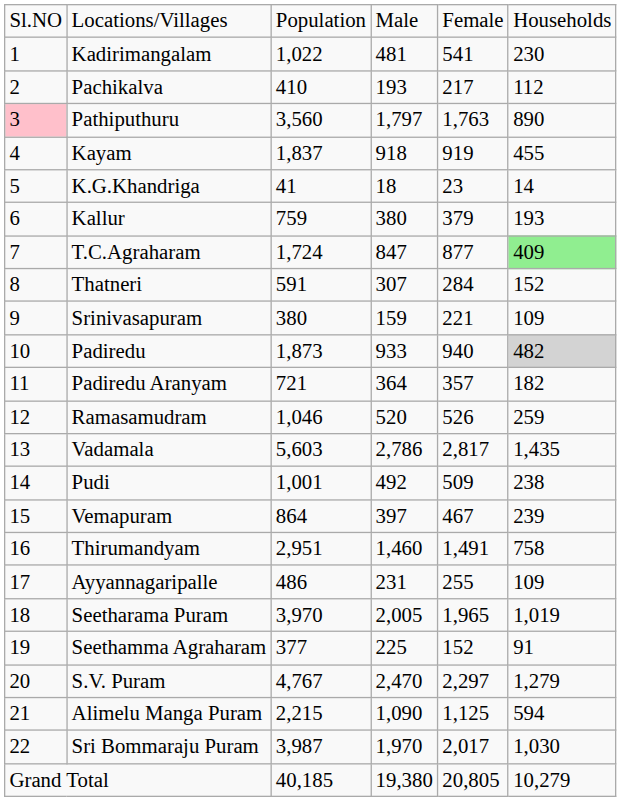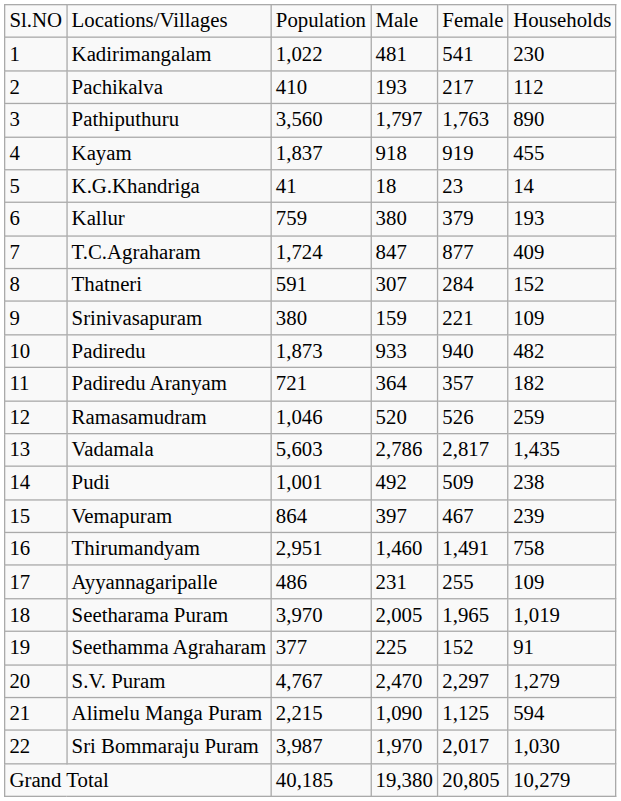 <table class="wikitable">
 <tr>
 <td>Sl.NO</td>
 <td>Locations/Villages</td>
 <td>Population</td>
 <td>Male</td>
 <td>Female</td>
 <td>Households</td>
 </tr>
 <tr>
 <td>1</td>
 <td>Kadirimangalam</td>
 <td>1,022</td>
 <td>481</td>
 <td>541</td>
 <td>230</td>
 </tr>
 <tr>
 <td>2</td>
 <td>Pachikalva</td>
 <td>410</td>
 <td>193</td>
 <td>217</td>
 <td>112</td>
 </tr>
 <tr>
-<td style="background: pink;">3</td>
+<td>3</td>
 <td>Pathiputhuru</td>
 <td>3,560</td>
 <td>1,797</td>
 <td>1,763</td>
 <td>890</td>
 </tr>
 <tr>
 <td>4</td>
 <td>Kayam</td>
 <td>1,837</td>
 <td>918</td>
 <td>919</td>
 <td>455</td>
 </tr>
 <tr>
 <td>5</td>
 <td>K.G.Khandriga</td>
 <td>41</td>
 <td>18</td>
 <td>23</td>
 <td>14</td>
 </tr>
 <tr>
 <td>6</td>
 <td>Kallur</td>
 <td>759</td>
 <td>380</td>
 <td>379</td>
 <td>193</td>
 </tr>
 <tr>
 <td>7</td>
 <td>T.C.Agraharam</td>
 <td>1,724</td>
 <td>847</td>
 <td>877</td>
-<td style="background: lightgreen;">409</td>
+<td>409</td>
 </tr>
 <tr>
 <td>8</td>
 <td>Thatneri</td>
 <td>591</td>
 <td>307</td>
 <td>284</td>
 <td>152</td>
 </tr>
 <tr>
 <td>9</td>
 <td>Srinivasapuram</td>
 <td>380</td>
 <td>159</td>
 <td>221</td>
 <td>109</td>
 </tr>
 <tr>
 <td>10</td>
 <td>Padiredu</td>
 <td>1,873</td>
 <td>933</td>
 <td>940</td>
-<td style="background: lightgrey;">482</td>
+<td>482</td>
 </tr>
 <tr>
 <td>11</td>
 <td>Padiredu Aranyam</td>
 <td>721</td>
 <td>364</td>
 <td>357</td>
 <td>182</td>
 </tr>
 <tr>
 <td>12</td>
 <td>Ramasamudram</td>
 <td>1,046</td>
 <td>520</td>
 <td>526</td>
 <td>259</td>
 </tr>
 <tr>
 <td>13</td>
 <td>Vadamala</td>
 <td>5,603</td>
 <td>2,786</td>
 <td>2,817</td>
 <td>1,435</td>
 </tr>
 <tr>
 <td>14</td>
 <td>Pudi</td>
 <td>1,001</td>
 <td>492</td>
 <td>509</td>
 <td>238</td>
 </tr>
 <tr>
 <td>15</td>
 <td>Vemapuram</td>
 <td>864</td>
 <td>397</td>
 <td>467</td>
 <td>239</td>
 </tr>
 <tr>
 <td>16</td>
 <td>Thirumandyam</td>
 <td>2,951</td>
 <td>1,460</td>
 <td>1,491</td>
 <td>758</td>
 </tr>
 <tr>
 <td>17</td>
 <td>Ayyannagaripalle</td>
 <td>486</td>
 <td>231</td>
 <td>255</td>
 <td>109</td>
 </tr>
 <tr>
 <td>18</td>
 <td>Seetharama Puram</td>
 <td>3,970</td>
 <td>2,005</td>
 <td>1,965</td>
 <td>1,019</td>
 </tr>
 <tr>
 <td>19</td>
 <td>Seethamma Agraharam</td>
 <td>377</td>
 <td>225</td>
 <td>152</td>
 <td>91</td>
 </tr>
 <tr>
 <td>20</td>
 <td>S.V. Puram</td>
 <td>4,767</td>
 <td>2,470</td>
 <td>2,297</td>
 <td>1,279</td>
 </tr>
 <tr>
 <td>21</td>
 <td>Alimelu Manga Puram</td>
 <td>2,215</td>
 <td>1,090</td>
 <td>1,125</td>
 <td>594</td>
 </tr>
 <tr>
 <td>22</td>
 <td>Sri Bommaraju Puram</td>
 <td>3,987</td>
 <td>1,970</td>
 <td>2,017</td>
 <td>1,030</td>
 </tr>
 <tr>
 <td colspan="2">Grand Total</td>
 <td>40,185</td>
 <td>19,380</td>
 <td>20,805</td>
 <td>10,279</td>
 </tr>
 </table>
